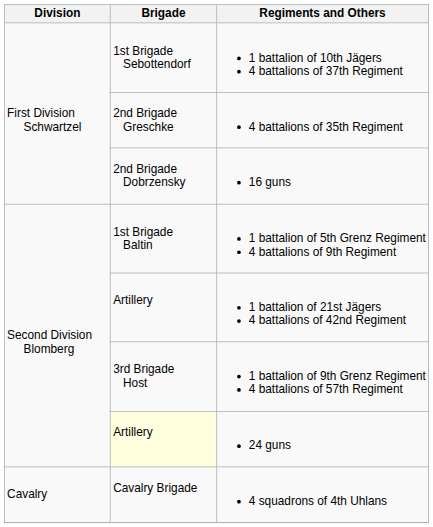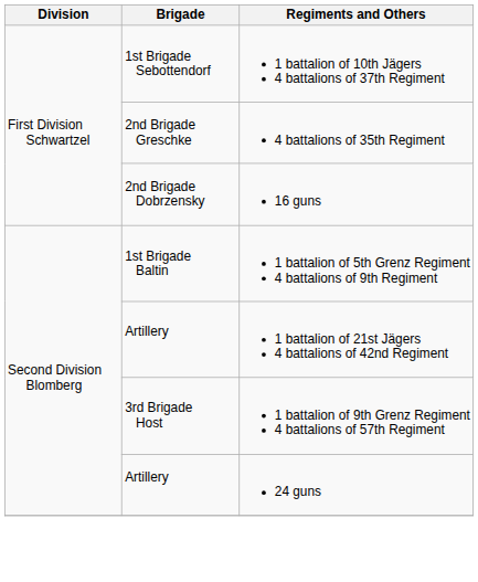 <table class="wikitable">
 <tr>
 <th width=25%>Division</th>
 <th width=25%>Brigade</th>
 <th>Regiments and Others</th>
 </tr>
 <tr>
 <td rowspan=3><br>First Division <br>     Schwartzel</td>
 <td>1st Brigade<br>   Sebottendorf</td>
 <td><br><ul><li>1 battalion of 10th Jägers</li><li>4 battalions of 37th Regiment</li></ul></td>
 </tr>
 <tr>
 <td>2nd Brigade<br>   Greschke</td>
 <td><br><ul><li>4 battalions of 35th Regiment</li></ul></td>
 </tr>
 <tr>
 <td>2nd Brigade<br>   Dobrzensky</td>
 <td><br><ul><li>16 guns</li></ul></td>
 </tr>
 <tr>
 <td rowspan=4><br>Second Division <br>     Blomberg</td>
 <td>1st Brigade<br>   Baltin</td>
 <td><br><ul><li>1 battalion of 5th Grenz Regiment</li><li>4 battalions of 9th Regiment</li></ul></td>
 </tr>
 <tr>
 <td>Artillery<br>  </td>
 <td><br><ul><li>1 battalion of 21st Jägers</li><li>4 battalions of 42nd Regiment</li></ul></td>
 </tr>
 <tr>
 <td>3rd Brigade<br>   Host</td>
 <td><br><ul><li>1 battalion of 9th Grenz Regiment</li><li>4 battalions of 57th Regiment</li></ul></td>
 </tr>
 <tr>
-<td style="background: lightyellow;">Artillery<br>  </td>
+<td>Artillery<br>  </td>
 <td><br><ul><li>24 guns</li></ul></td>
-</tr>
-<tr>
-<td rowspan=1><br>Cavalry <br>    </td>
-<td>Cavalry Brigade<br>  </td>
-<td><br><ul><li>4 squadrons of 4th Uhlans</li></ul></td>
 </tr>
 <tr>
 </tr>
 </table>
